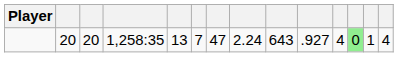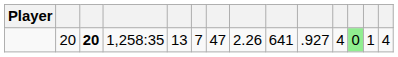 <table class="wikitable sortable" style="text-align:center;">
 <tr style="text-align:center; background:#ddd;">
 <th>Player</th>
 <th></th>
 <th></th>
 <th></th>
 <th></th>
 <th></th>
 <th></th>
 <th></th>
 <th></th>
 <th></th>
 <th></th>
 <th></th>
 <th></th>
 <th></th>
 </tr>
 <tr>
 <td style=white-space:nowrap></td>
 <td>20</td>
-<td>20</td>
+<td><strong>20</strong></td>
 <td>1,258:35</td>
 <td>13</td>
 <td>7</td>
 <td>47</td>
-<td>2.24</td>
-<td>643</td>
+<td>2.26</td>
+<td>641</td>
 <td>.927</td>
 <td>4</td>
 <td style="background: lightgreen;">0</td>
 <td>1</td>
 <td>4</td>
 </tr>
 </table>
